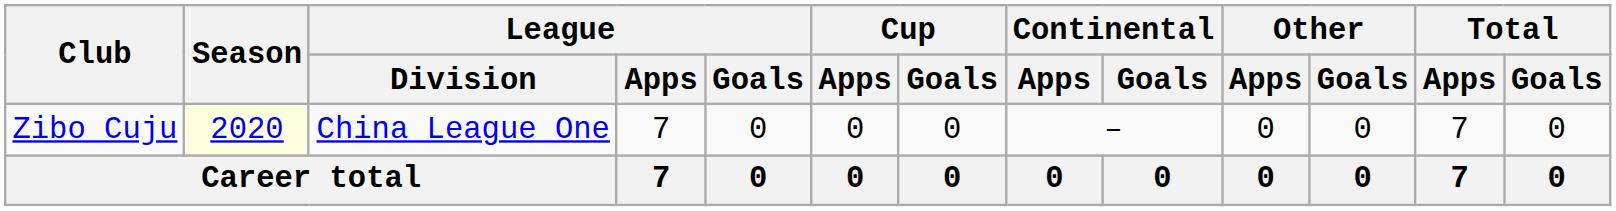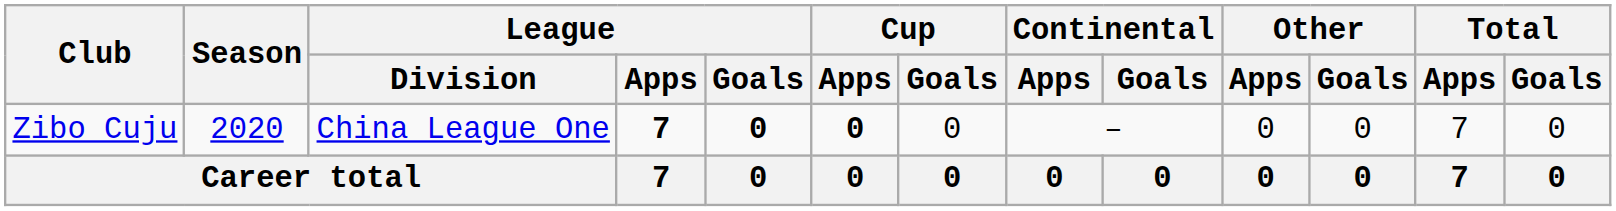 <table class="wikitable" style="text-align: center">
 <tr>
 <th rowspan="2">Club</th>
 <th rowspan="2">Season</th>
 <th colspan="3">League</th>
 <th colspan="2">Cup</th>
 <th colspan="2">Continental</th>
 <th colspan="2">Other</th>
 <th colspan="2">Total</th>
 </tr>
 <tr>
 <th>Division</th>
 <th>Apps</th>
 <th>Goals</th>
 <th>Apps</th>
 <th>Goals</th>
 <th>Apps</th>
 <th>Goals</th>
 <th>Apps</th>
 <th>Goals</th>
 <th>Apps</th>
 <th>Goals</th>
 </tr>
 <tr>
 <td><a href='#'>Zibo Cuju</a></td>
-<td style="background: lightyellow;"><a href='#'>2020</a></td>
+<td><a href='#'>2020</a></td>
 <td><a href='#'>China League One</a></td>
-<td>7</td>
-<td>0</td>
-<td>0</td>
+<td><strong>7</strong></td>
+<td><strong>0</strong></td>
+<td><strong>0</strong></td>
 <td>0</td>
 <td colspan="2">–</td>
 <td>0</td>
 <td>0</td>
 <td>7</td>
 <td>0</td>
 </tr>
 <tr>
 <th colspan=3>Career total</th>
 <th>7</th>
 <th>0</th>
 <th>0</th>
 <th>0</th>
 <th>0</th>
 <th>0</th>
 <th>0</th>
 <th>0</th>
 <th>7</th>
 <th>0</th>
 </tr>
 </table>
